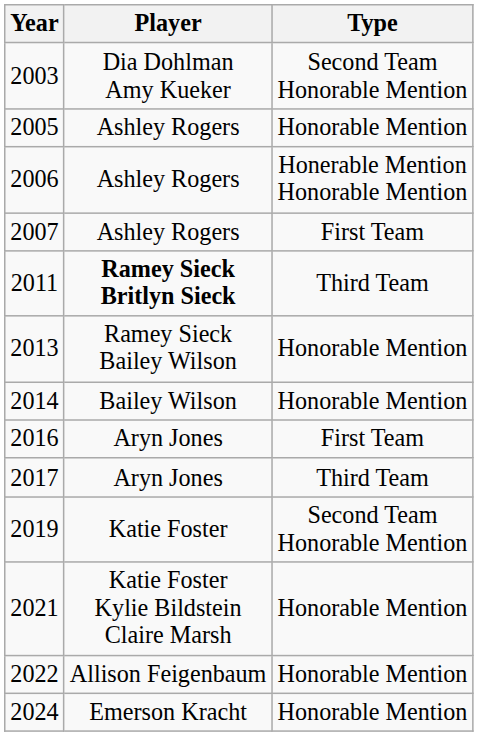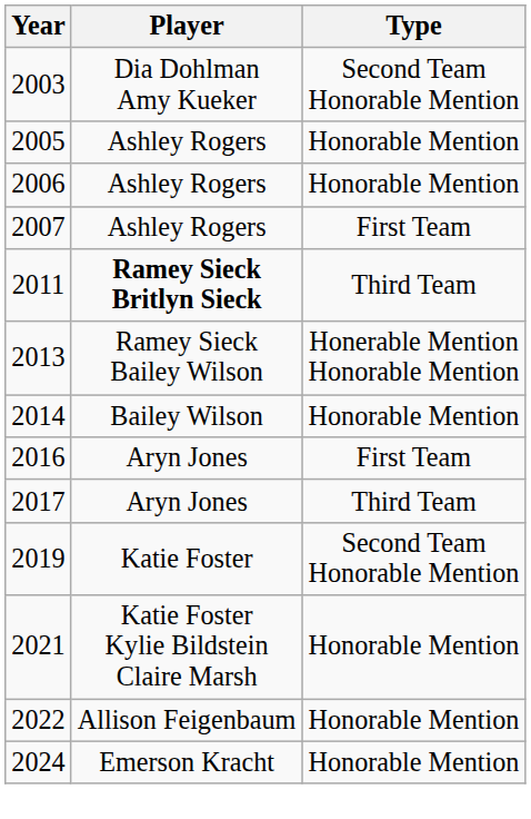 <table class="wikitable" style="text-align: center">
 <tr align=center>
 <th>Year</th>
 <th>Player</th>
 <th>Type</th>
 </tr>
 <tr>
 <td>2003</td>
 <td>Dia Dohlman<br>Amy Kueker</td>
 <td>Second Team<br>Honorable Mention</td>
 </tr>
 <tr>
 <td>2005</td>
 <td>Ashley Rogers</td>
 <td>Honorable Mention</td>
 </tr>
 <tr>
 <td>2006</td>
 <td>Ashley Rogers</td>
-<td>Honerable Mention<br>Honorable Mention</td>
+<td>Honorable Mention</td>
 </tr>
 <tr>
 <td>2007</td>
 <td>Ashley Rogers</td>
 <td>First Team</td>
 </tr>
 <tr>
 <td>2011</td>
 <td><strong>Ramey Sieck<br>Britlyn Sieck</strong></td>
 <td>Third Team</td>
 </tr>
 <tr>
 <td>2013</td>
 <td>Ramey Sieck<br>Bailey Wilson</td>
-<td>Honorable Mention</td>
+<td>Honerable Mention<br>Honorable Mention</td>
 </tr>
 <tr>
 <td>2014</td>
 <td>Bailey Wilson</td>
 <td>Honorable Mention</td>
 </tr>
 <tr>
 <td>2016</td>
 <td>Aryn Jones</td>
 <td>First Team</td>
 </tr>
 <tr>
 <td>2017</td>
 <td>Aryn Jones</td>
 <td>Third Team</td>
 </tr>
 <tr>
 <td>2019</td>
 <td>Katie Foster</td>
 <td>Second Team<br>Honorable Mention</td>
 </tr>
 <tr>
 <td>2021</td>
 <td>Katie Foster<br>Kylie Bildstein<br>Claire Marsh</td>
 <td>Honorable Mention</td>
 </tr>
 <tr>
 <td>2022</td>
 <td>Allison Feigenbaum</td>
 <td>Honorable Mention</td>
 </tr>
 <tr>
 <td>2024</td>
 <td>Emerson Kracht</td>
 <td>Honorable Mention</td>
 </tr>
 </table>
